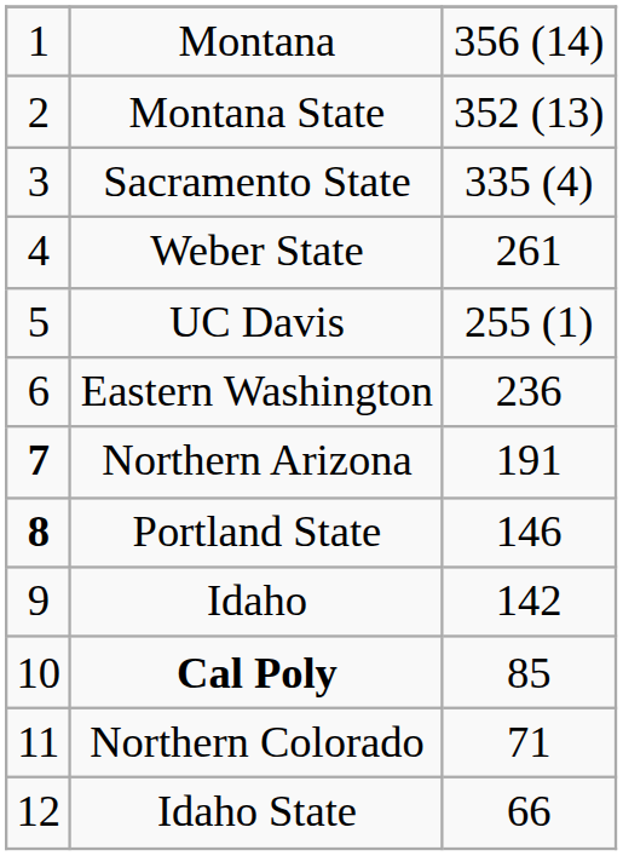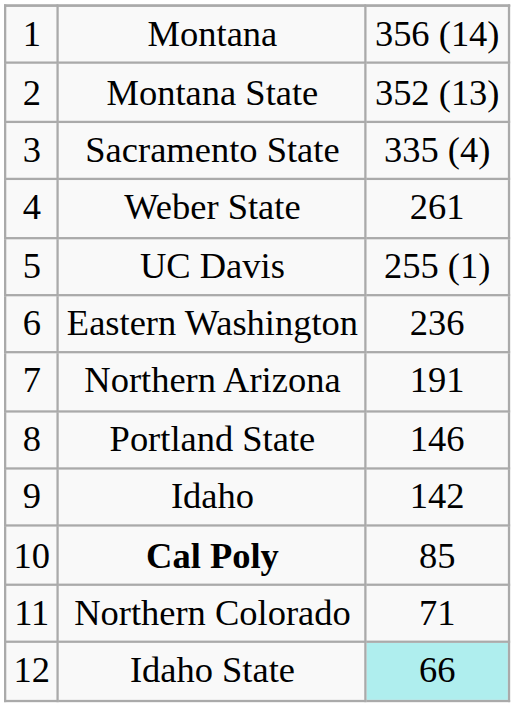 <table class="wikitable" style="display: inline-table;">
 <tr align="center">
 </tr>
 <tr align="center">
 <td>1</td>
 <td>Montana</td>
 <td>356 (14)</td>
 </tr>
 <tr align="center">
 <td>2</td>
 <td>Montana State</td>
 <td>352 (13)</td>
 </tr>
 <tr align="center">
 <td>3</td>
 <td>Sacramento State</td>
 <td>335 (4)</td>
 </tr>
 <tr align="center">
 <td>4</td>
 <td>Weber State</td>
 <td>261</td>
 </tr>
 <tr align="center">
 <td>5</td>
 <td>UC Davis</td>
 <td>255 (1)</td>
 </tr>
 <tr align="center">
 <td>6</td>
 <td>Eastern Washington</td>
 <td>236</td>
 </tr>
 <tr align="center">
-<td><strong>7</strong></td>
+<td>7</td>
 <td>Northern Arizona</td>
 <td>191</td>
 </tr>
 <tr align="center">
-<td><strong>8</strong></td>
+<td>8</td>
 <td>Portland State</td>
 <td>146</td>
 </tr>
 <tr align="center">
 <td>9</td>
 <td>Idaho</td>
 <td>142</td>
 </tr>
 <tr align="center">
 <td>10</td>
 <td><strong>Cal Poly</strong></td>
 <td>85</td>
 </tr>
 <tr align="center">
 <td>11</td>
 <td>Northern Colorado</td>
 <td>71</td>
 </tr>
 <tr align="center">
 <td>12</td>
 <td>Idaho State</td>
-<td>66</td>
+<td style="background: paleturquoise;">66</td>
 </tr>
 </table>
